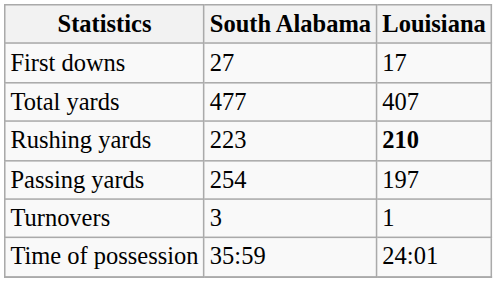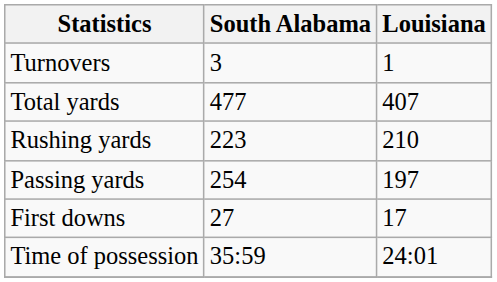 <table class="wikitable">
 <tr>
 <th>Statistics</th>
 <th>South Alabama</th>
 <th>Louisiana</th>
 </tr>
 <tr>
-<td>First downs</td>
-<td>27</td>
-<td>17</td>
+<td>Turnovers</td>
+<td>3</td>
+<td>1</td>
 </tr>
 <tr>
 <td>Total yards</td>
 <td>477</td>
 <td>407</td>
 </tr>
 <tr>
 <td>Rushing yards</td>
 <td>223</td>
-<td><strong>210</strong></td>
+<td>210</td>
 </tr>
 <tr>
 <td>Passing yards</td>
 <td>254</td>
 <td>197</td>
 </tr>
 <tr>
-<td>Turnovers</td>
-<td>3</td>
-<td>1</td>
+<td>First downs</td>
+<td>27</td>
+<td>17</td>
 </tr>
 <tr>
 <td>Time of possession</td>
 <td>35:59</td>
 <td>24:01</td>
 </tr>
 <tr>
 </tr>
 </table>
